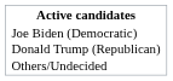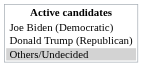 <table style="float:right; margin-left: 1em; margin-bottom: 0.5em; border: 1px solid #a2a9b1;">
 <tr>
 <td style="text-align: center"><span><strong>Active candidates</strong></span></td>
 </tr>
 <tr>
 <td style="padding: 0 5px;"> Joe Biden (Democratic)</td>
 </tr>
 <tr>
 <td style="padding: 0 5px;"> Donald Trump (Republican)</td>
 </tr>
 <tr>
-<td style="padding: 0 5px;"> Others/Undecided<br></td>
+<td style="background: lightgrey; padding: 0 5px;"> Others/Undecided<br></td>
 </tr>
 </table>
